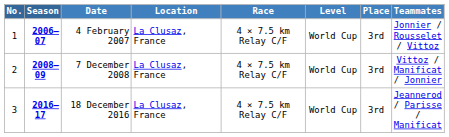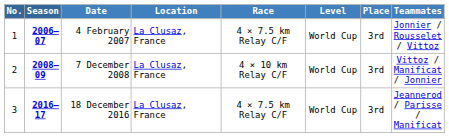 <table class="wikitable sortable" style="font-size:95%; text-align:center; border:grey solid 1px; border-collapse:collapse; background:#ffffff;">
 <tr style="background:#efefef;">
 <th style="background-color:#369; color:white;">No.</th>
 <th style="background-color:#369; color:white;">Season</th>
 <th style="background-color:#4180be; color:white; width:120px;">Date</th>
 <th style="background-color:#4180be; color:white; width:170px;">Location</th>
 <th style="background-color:#4180be; color:white; width:170px;">Race</th>
 <th style="background-color:#4180be; color:white; width:100px;">Level</th>
 <th style="background-color:#4180be; color:white;">Place</th>
 <th style="background-color:#4180be; color:white;">Teammates</th>
 </tr>
 <tr>
 <td align=center>1</td>
 <td rowspan=1 align=center><strong> <a href='#'>2006–07</a> </strong></td>
 <td align=right>4 February 2007</td>
 <td align=left> <a href='#'>La Clusaz</a>, France</td>
 <td>4 × 7.5 km Relay C/F</td>
 <td>World Cup</td>
 <td>3rd</td>
 <td><a href='#'>Jonnier</a> / <a href='#'>Rousselet</a> / <a href='#'>Vittoz</a></td>
 </tr>
 <tr>
 <td align=center>2</td>
 <td rowspan=1 align=center><strong> <a href='#'>2008–09</a> </strong></td>
 <td align=right>7 December 2008</td>
 <td align=left> <a href='#'>La Clusaz</a>, France</td>
-<td>4 × 7.5 km Relay C/F</td>
+<td>4 × 10 km Relay C/F</td>
 <td>World Cup</td>
 <td>3rd</td>
 <td><a href='#'>Vittoz</a> / <a href='#'>Manificat</a> / <a href='#'>Jonnier</a></td>
 </tr>
 <tr>
 <td align=center>3</td>
 <td rowspan=1 align=center><strong> <a href='#'>2016–17</a> </strong></td>
 <td align=right>18 December 2016</td>
 <td align=left> <a href='#'>La Clusaz</a>, France</td>
 <td>4 × 7.5 km Relay C/F</td>
 <td>World Cup</td>
 <td>3rd</td>
 <td><a href='#'>Jeannerod</a> / <a href='#'>Parisse</a> / <a href='#'>Manificat</a></td>
 </tr>
 </table>
